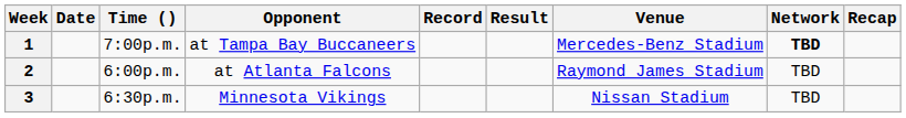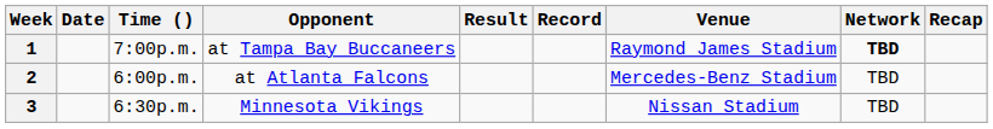 <table class="wikitable" style="text-align:center">
 <tr>
 <th>Week</th>
 <th>Date</th>
 <th>Time (<a href='#'></a>)</th>
 <th>Opponent</th>
+<th>Result</th>
 <th>Record</th>
-<th>Result</th>
 <th>Venue</th>
 <th>Network</th>
 <th>Recap</th>
 </tr>
 <tr>
 <th>1</th>
 <td></td>
 <td>7:00p.m.</td>
 <td>at <a href='#'>Tampa Bay Buccaneers</a></td>
 <td></td>
 <td></td>
-<td><a href='#'>Mercedes-Benz Stadium</a></td>
+<td><a href='#'>Raymond James Stadium</a></td>
 <td><strong>TBD</strong></td>
 <td></td>
 </tr>
 <tr>
 <th>2</th>
 <td></td>
 <td>6:00p.m.</td>
 <td>at <a href='#'>Atlanta Falcons</a></td>
 <td></td>
 <td></td>
-<td><a href='#'>Raymond James Stadium</a></td>
+<td><a href='#'>Mercedes-Benz Stadium</a></td>
 <td>TBD</td>
 <td></td>
 </tr>
 <tr>
 <th>3</th>
 <td></td>
 <td>6:30p.m.</td>
 <td><a href='#'>Minnesota Vikings</a></td>
 <td></td>
 <td></td>
 <td><a href='#'>Nissan Stadium</a></td>
 <td>TBD</td>
 <td></td>
 </tr>
 </table>
